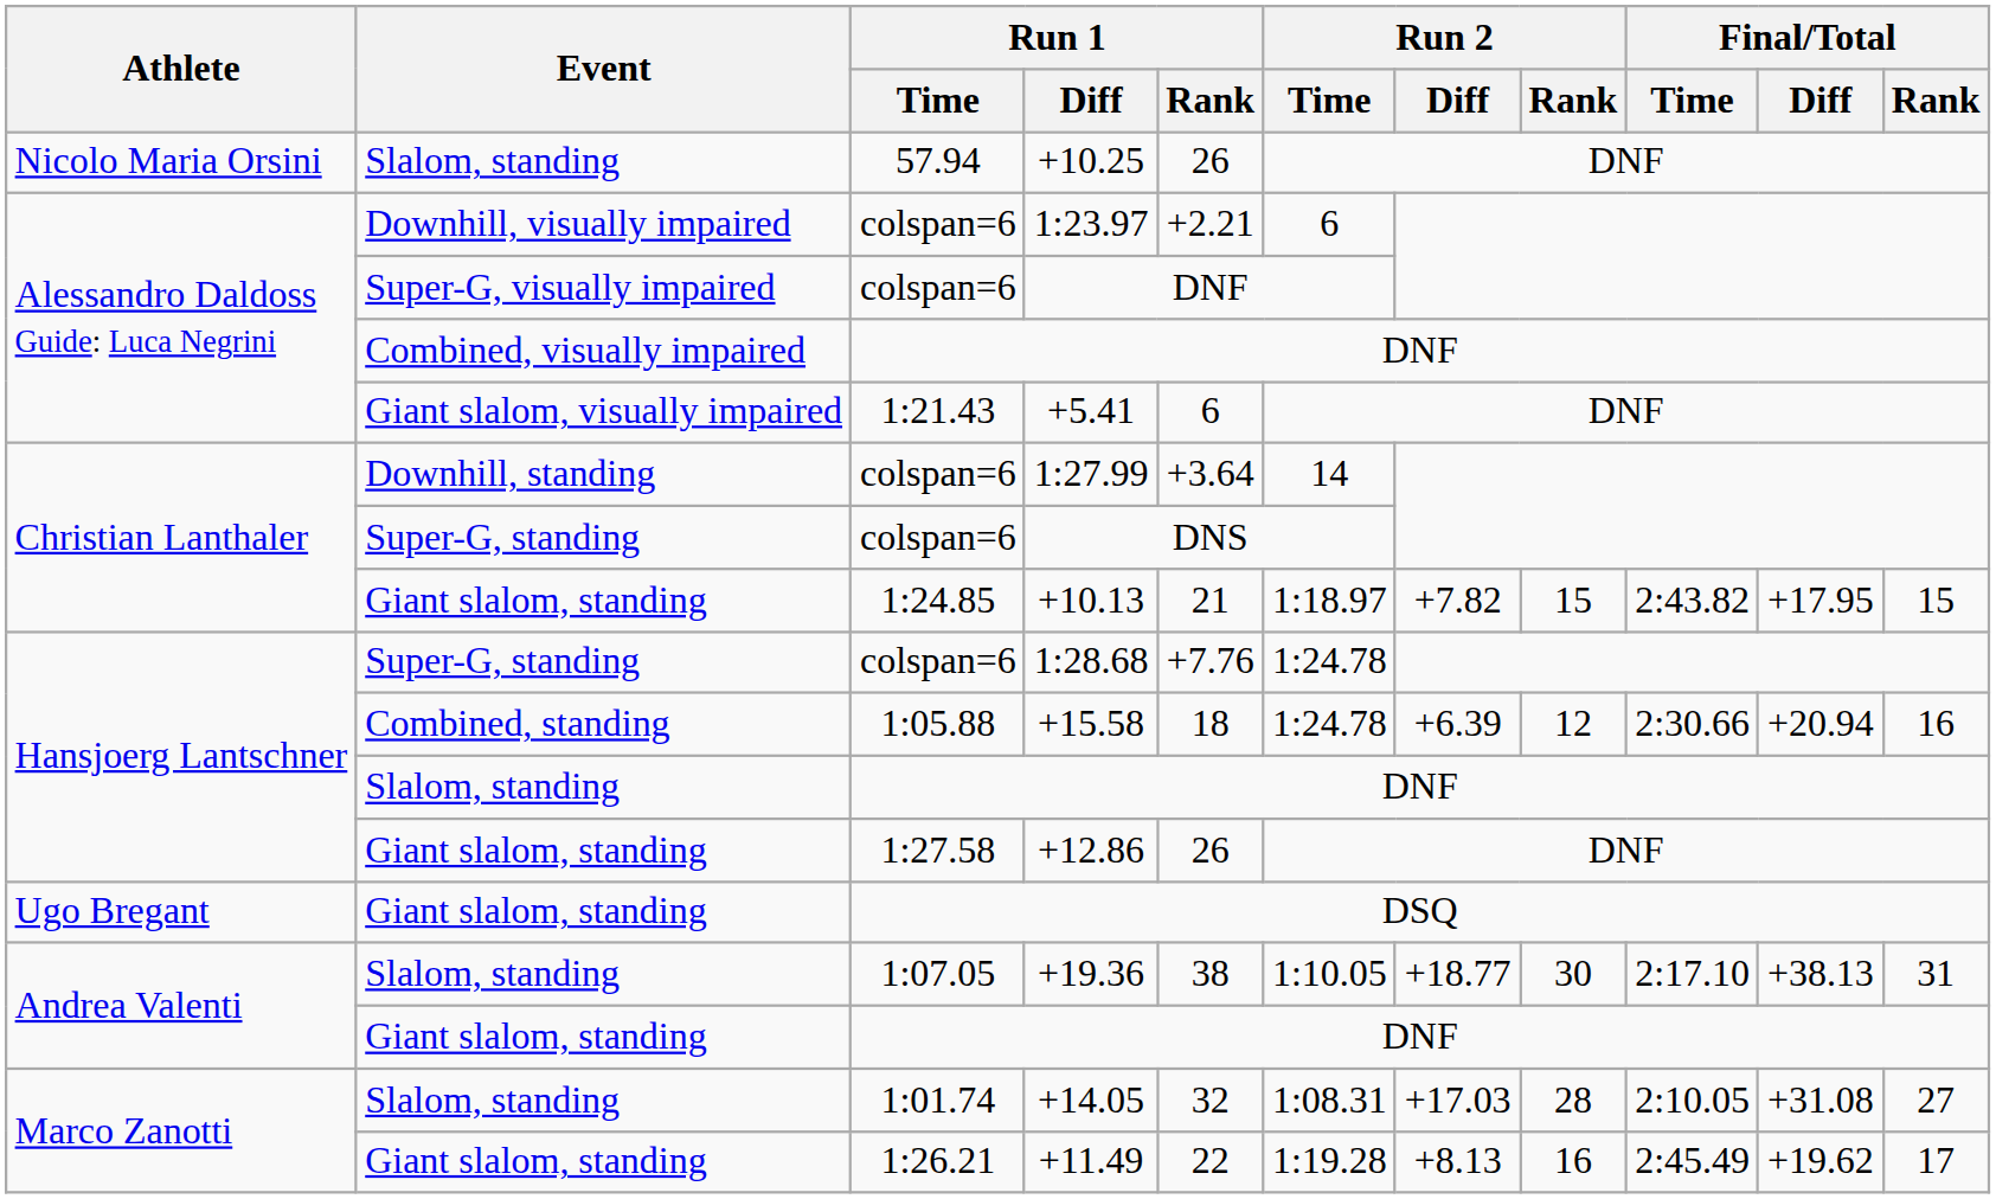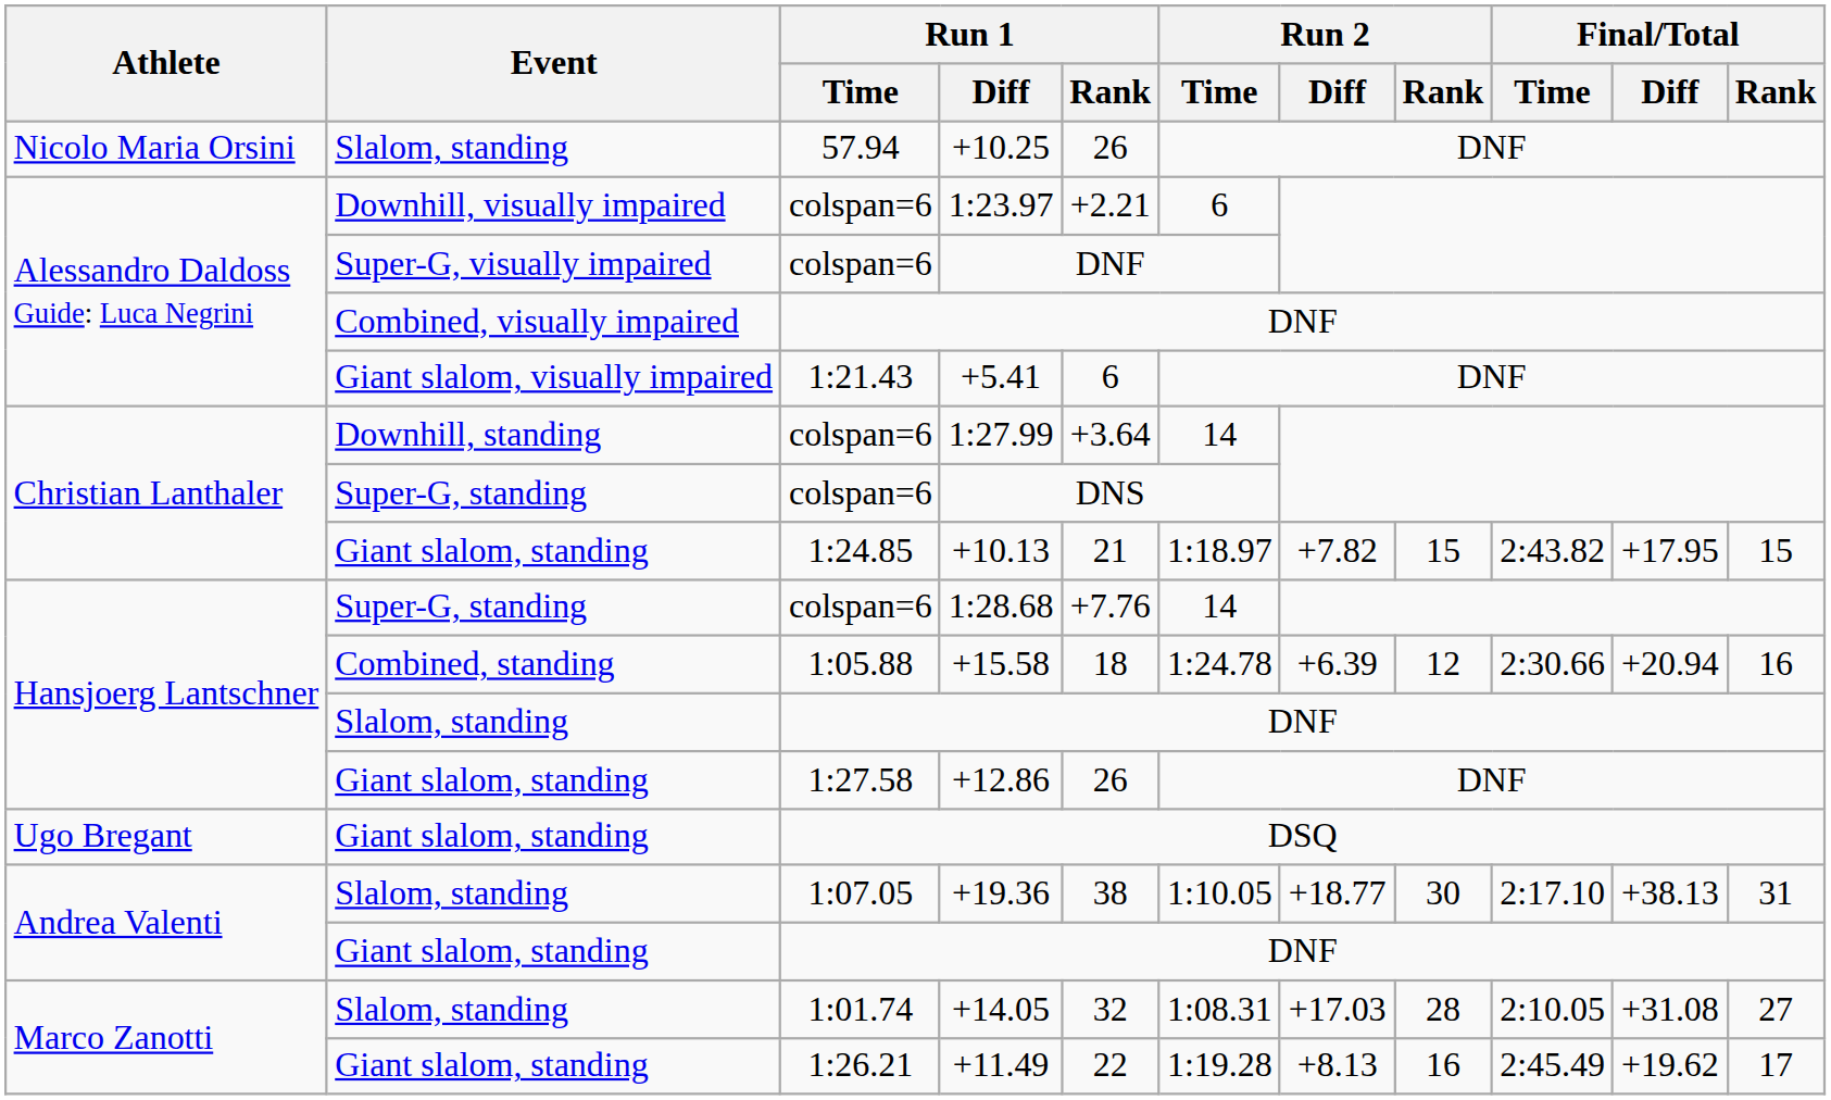 <table class="wikitable" style="font-size:90%">
 <tr>
 <th rowspan="2">Athlete</th>
 <th rowspan="2">Event</th>
 <th colspan="3">Run 1</th>
 <th colspan="3">Run 2</th>
 <th colspan="3">Final/Total</th>
 </tr>
 <tr>
 <th>Time</th>
 <th>Diff</th>
 <th>Rank</th>
 <th>Time</th>
 <th>Diff</th>
 <th>Rank</th>
 <th>Time</th>
 <th>Diff</th>
 <th>Rank</th>
 </tr>
 <tr>
 <td><a href='#'>Nicolo Maria Orsini</a></td>
 <td><a href='#'>Slalom, standing</a></td>
 <td align="center">57.94</td>
 <td align="center">+10.25</td>
 <td align="center">26</td>
 <td align="center" colspan=6>DNF</td>
 </tr>
 <tr>
 <td rowspan=4><a href='#'>Alessandro Daldoss</a><br><small><a href='#'>Guide</a>: <a href='#'>Luca Negrini</a></small></td>
 <td><a href='#'>Downhill, visually impaired</a></td>
 <td>colspan=6 </td>
 <td align="center">1:23.97</td>
 <td align="center">+2.21</td>
 <td align="center">6</td>
 </tr>
 <tr>
 <td><a href='#'>Super-G, visually impaired</a></td>
 <td>colspan=6 </td>
 <td align="center" colspan=3>DNF</td>
 </tr>
 <tr>
 <td><a href='#'>Combined, visually impaired</a></td>
 <td align="center" colspan=9>DNF</td>
 </tr>
 <tr>
 <td><a href='#'>Giant slalom, visually impaired</a></td>
 <td align="center">1:21.43</td>
 <td align="center">+5.41</td>
 <td align="center">6</td>
 <td align="center" colspan=6>DNF</td>
 </tr>
 <tr>
 <td rowspan=3><a href='#'>Christian Lanthaler</a></td>
 <td><a href='#'>Downhill, standing</a></td>
 <td>colspan=6 </td>
 <td align="center">1:27.99</td>
 <td align="center">+3.64</td>
 <td align="center">14</td>
 </tr>
 <tr>
 <td><a href='#'>Super-G, standing</a></td>
 <td>colspan=6 </td>
 <td align="center" colspan=3>DNS</td>
 </tr>
 <tr>
 <td><a href='#'>Giant slalom, standing</a></td>
 <td align="center">1:24.85</td>
 <td align="center">+10.13</td>
 <td align="center">21</td>
 <td align="center">1:18.97</td>
 <td align="center">+7.82</td>
 <td align="center">15</td>
 <td align="center">2:43.82</td>
 <td align="center">+17.95</td>
 <td align="center">15</td>
 </tr>
 <tr>
 <td rowspan=4><a href='#'>Hansjoerg Lantschner</a></td>
 <td><a href='#'>Super-G, standing</a></td>
 <td>colspan=6 </td>
 <td align="center">1:28.68</td>
 <td align="center">+7.76</td>
-<td align="center">1:24.78</td>
+<td align="center">14</td>
 </tr>
 <tr>
 <td><a href='#'>Combined, standing</a></td>
 <td align="center">1:05.88</td>
 <td align="center">+15.58</td>
 <td align="center">18</td>
 <td align="center">1:24.78</td>
 <td align="center">+6.39</td>
 <td align="center">12</td>
 <td align="center">2:30.66</td>
 <td align="center">+20.94</td>
 <td align="center">16</td>
 </tr>
 <tr>
 <td><a href='#'>Slalom, standing</a></td>
 <td align="center" colspan=9>DNF</td>
 </tr>
 <tr>
 <td><a href='#'>Giant slalom, standing</a></td>
 <td align="center">1:27.58</td>
 <td align="center">+12.86</td>
 <td align="center">26</td>
 <td align="center" colspan=6>DNF</td>
 </tr>
 <tr>
 <td><a href='#'>Ugo Bregant</a></td>
 <td><a href='#'>Giant slalom, standing</a></td>
 <td align="center" colspan=9>DSQ</td>
 </tr>
 <tr>
 <td rowspan=2><a href='#'>Andrea Valenti</a></td>
 <td><a href='#'>Slalom, standing</a></td>
 <td align="center">1:07.05</td>
 <td align="center">+19.36</td>
 <td align="center">38</td>
 <td align="center">1:10.05</td>
 <td align="center">+18.77</td>
 <td align="center">30</td>
 <td align="center">2:17.10</td>
 <td align="center">+38.13</td>
 <td align="center">31</td>
 </tr>
 <tr>
 <td><a href='#'>Giant slalom, standing</a></td>
 <td align="center" colspan=9>DNF</td>
 </tr>
 <tr>
 <td rowspan=2><a href='#'>Marco Zanotti</a></td>
 <td><a href='#'>Slalom, standing</a></td>
 <td align="center">1:01.74</td>
 <td align="center">+14.05</td>
 <td align="center">32</td>
 <td align="center">1:08.31</td>
 <td align="center">+17.03</td>
 <td align="center">28</td>
 <td align="center">2:10.05</td>
 <td align="center">+31.08</td>
 <td align="center">27</td>
 </tr>
 <tr>
 <td><a href='#'>Giant slalom, standing</a></td>
 <td align="center">1:26.21</td>
 <td align="center">+11.49</td>
 <td align="center">22</td>
 <td align="center">1:19.28</td>
 <td align="center">+8.13</td>
 <td align="center">16</td>
 <td align="center">2:45.49</td>
 <td align="center">+19.62</td>
 <td align="center">17</td>
 </tr>
 </table>
